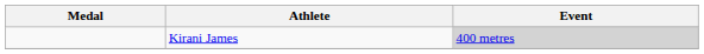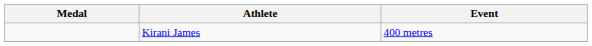 <table class="wikitable" style="font-size:90%" width=60%>
 <tr>
 <th>Medal</th>
 <th>Athlete</th>
 <th>Event</th>
 </tr>
 <tr>
 <td></td>
 <td><a href='#'>Kirani James</a></td>
-<td style="background: lightgrey;"><a href='#'>400 metres</a></td>
+<td><a href='#'>400 metres</a></td>
 </tr>
 <tr>
 </tr>
 </table>
